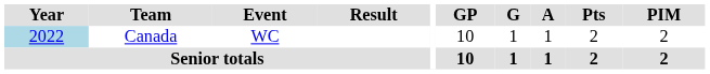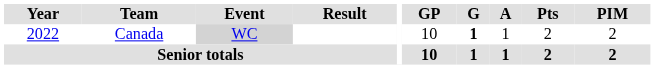 <table border="0" cellpadding="1" cellspacing="0" ID="Table3" style="text-align:center; width:40em;">
 <tr bgcolor="#e0e0e0">
 <th>Year</th>
 <th>Team</th>
 <th>Event</th>
 <th>Result</th>
 <th rowspan="99" bgcolor="#ffffff"></th>
 <th>GP</th>
 <th>G</th>
 <th>A</th>
 <th>Pts</th>
 <th>PIM</th>
 </tr>
 <tr>
-<td style="background: lightblue;"><a href='#'>2022</a></td>
+<td><a href='#'>2022</a></td>
 <td><a href='#'>Canada</a></td>
-<td><a href='#'>WC</a></td>
+<td style="background: lightgrey;"><a href='#'>WC</a></td>
 <td></td>
 <td>10</td>
-<td>1</td>
+<td><strong>1</strong></td>
 <td>1</td>
 <td>2</td>
 <td>2</td>
 </tr>
 <tr bgcolor="#e0e0e0">
 <th colspan="4">Senior totals</th>
 <th>10</th>
 <th>1</th>
 <th>1</th>
 <th>2</th>
 <th>2</th>
 </tr>
 </table>
